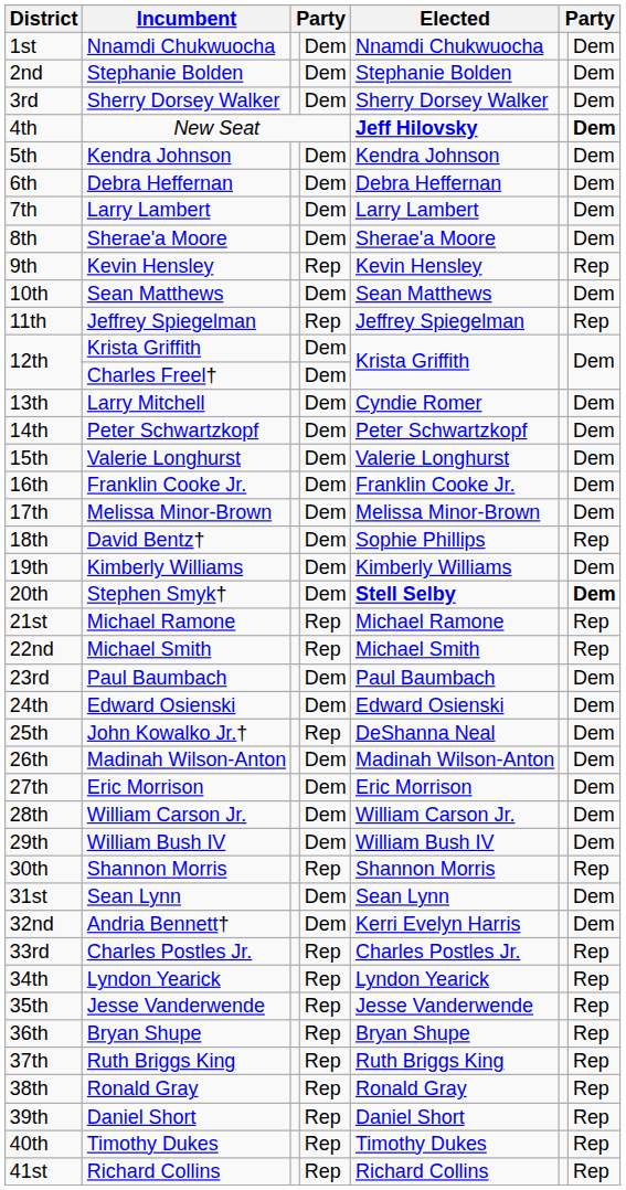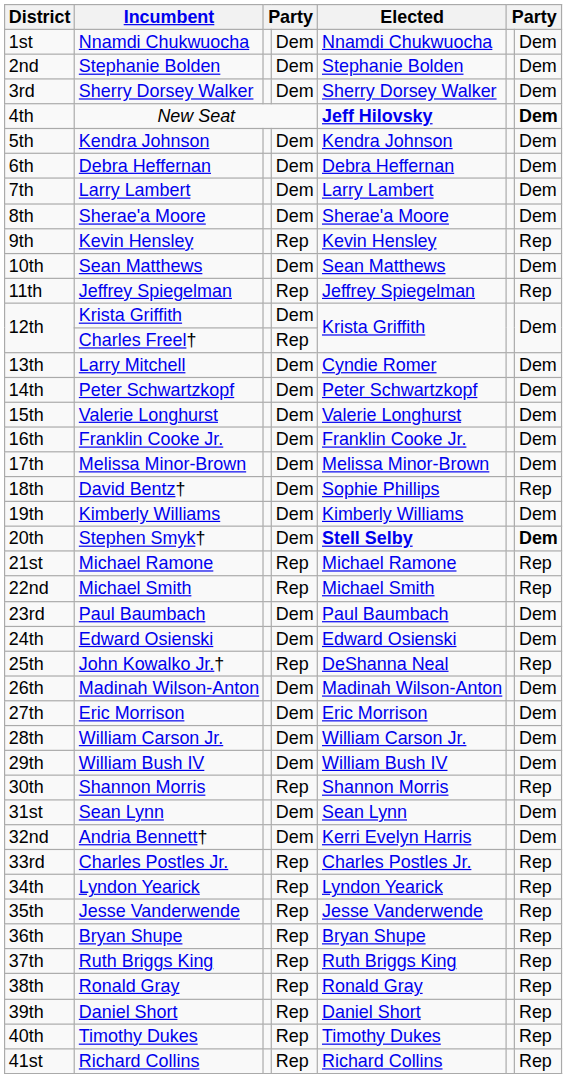 <table class="sortable wikitable" style="font-size:95%;line-height:14px;">
 <tr>
 <th class=>District</th>
 <th class="unsortable"><a href='#'>Incumbent</a></th>
 <th colspan="2">Party</th>
 <th class="unsortable">Elected</th>
 <th colspan="2">Party</th>
 </tr>
 <tr>
 <td>1st</td>
 <td><a href='#'>Nnamdi Chukwuocha</a></td>
 <td style="background:"></td>
 <td>Dem</td>
 <td><a href='#'>Nnamdi Chukwuocha</a></td>
 <td style="background:"></td>
 <td>Dem</td>
 </tr>
 <tr>
 <td>2nd</td>
 <td><a href='#'>Stephanie Bolden</a></td>
 <td style="background:"></td>
 <td>Dem</td>
 <td><a href='#'>Stephanie Bolden</a></td>
 <td style="background:"></td>
 <td>Dem</td>
 </tr>
 <tr>
 <td>3rd</td>
 <td><a href='#'>Sherry Dorsey Walker</a></td>
 <td style="background:"></td>
 <td>Dem</td>
 <td><a href='#'>Sherry Dorsey Walker</a></td>
 <td style="background:"></td>
 <td>Dem</td>
 </tr>
 <tr>
 <td>4th</td>
 <td colspan=3 align=center><em>New Seat</em></td>
 <td><strong><a href='#'>Jeff Hilovsky</a></strong></td>
 <td style="background:"></td>
 <td><strong>Dem</strong></td>
 </tr>
 <tr>
 <td>5th</td>
 <td><a href='#'>Kendra Johnson</a></td>
 <td style="background:"></td>
 <td>Dem</td>
 <td><a href='#'>Kendra Johnson</a></td>
 <td style="background:"></td>
 <td>Dem</td>
 </tr>
 <tr>
 <td>6th</td>
 <td><a href='#'>Debra Heffernan</a></td>
 <td style="background:"></td>
 <td>Dem</td>
 <td><a href='#'>Debra Heffernan</a></td>
 <td style="background:"></td>
 <td>Dem</td>
 </tr>
 <tr>
 <td>7th</td>
 <td><a href='#'>Larry Lambert</a></td>
 <td style="background:"></td>
 <td>Dem</td>
 <td><a href='#'>Larry Lambert</a></td>
 <td style="background:"></td>
 <td>Dem</td>
 </tr>
 <tr>
 <td>8th</td>
 <td><a href='#'>Sherae'a Moore</a></td>
 <td style="background:"></td>
 <td>Dem</td>
 <td><a href='#'>Sherae'a Moore</a></td>
 <td style="background:"></td>
 <td>Dem</td>
 </tr>
 <tr>
 <td>9th</td>
 <td><a href='#'>Kevin Hensley</a></td>
 <td style="background:"></td>
 <td>Rep</td>
 <td><a href='#'>Kevin Hensley</a></td>
 <td style="background:"></td>
 <td>Rep</td>
 </tr>
 <tr>
 <td>10th</td>
 <td><a href='#'>Sean Matthews</a></td>
 <td style="background:"></td>
 <td>Dem</td>
 <td><a href='#'>Sean Matthews</a></td>
 <td style="background:"></td>
 <td>Dem</td>
 </tr>
 <tr>
 <td>11th</td>
 <td><a href='#'>Jeffrey Spiegelman</a></td>
 <td style="background:"></td>
 <td>Rep</td>
 <td><a href='#'>Jeffrey Spiegelman</a></td>
 <td style="background:"></td>
 <td>Rep</td>
 </tr>
 <tr>
 <td rowspan=2>12th</td>
 <td><a href='#'>Krista Griffith</a></td>
 <td style="background:"></td>
 <td>Dem</td>
 <td rowspan=2><a href='#'>Krista Griffith</a></td>
 <td rowspan=2 style="background:"></td>
 <td rowspan=2>Dem</td>
 </tr>
 <tr>
 <td><a href='#'>Charles Freel</a>†</td>
 <td style="background:"></td>
-<td>Dem</td>
+<td>Rep</td>
 </tr>
 <tr>
 <td>13th</td>
 <td><a href='#'>Larry Mitchell</a></td>
 <td style="background:"></td>
 <td>Dem</td>
 <td><a href='#'>Cyndie Romer</a></td>
 <td style="background:"></td>
 <td>Dem</td>
 </tr>
 <tr>
 <td>14th</td>
 <td><a href='#'>Peter Schwartzkopf</a></td>
 <td style="background:"></td>
 <td>Dem</td>
 <td><a href='#'>Peter Schwartzkopf</a></td>
 <td style="background:"></td>
 <td>Dem</td>
 </tr>
 <tr>
 <td>15th</td>
 <td><a href='#'>Valerie Longhurst</a></td>
 <td style="background:"></td>
 <td>Dem</td>
 <td><a href='#'>Valerie Longhurst</a></td>
 <td style="background:"></td>
 <td>Dem</td>
 </tr>
 <tr>
 <td>16th</td>
 <td><a href='#'>Franklin Cooke Jr.</a></td>
 <td style="background:"></td>
 <td>Dem</td>
 <td><a href='#'>Franklin Cooke Jr.</a></td>
 <td style="background:"></td>
 <td>Dem</td>
 </tr>
 <tr>
 <td>17th</td>
 <td><a href='#'>Melissa Minor-Brown</a></td>
 <td style="background:"></td>
 <td>Dem</td>
 <td><a href='#'>Melissa Minor-Brown</a></td>
 <td style="background:"></td>
 <td>Dem</td>
 </tr>
 <tr>
 <td>18th</td>
 <td><a href='#'>David Bentz</a>†</td>
 <td style="background:"></td>
 <td>Dem</td>
 <td><a href='#'>Sophie Phillips</a></td>
 <td style="background:"></td>
 <td>Rep</td>
 </tr>
 <tr>
 <td>19th</td>
 <td><a href='#'>Kimberly Williams</a></td>
 <td style="background:"></td>
 <td>Dem</td>
 <td><a href='#'>Kimberly Williams</a></td>
 <td style="background:"></td>
 <td>Dem</td>
 </tr>
 <tr>
 <td>20th</td>
 <td><a href='#'>Stephen Smyk</a>†</td>
 <td style="background:"></td>
 <td>Dem</td>
 <td><strong><a href='#'>Stell Selby</a></strong></td>
 <td style="background:"></td>
 <td><strong>Dem</strong></td>
 </tr>
 <tr>
 <td>21st</td>
 <td><a href='#'>Michael Ramone</a></td>
 <td style="background:"></td>
 <td>Rep</td>
 <td><a href='#'>Michael Ramone</a></td>
 <td style="background:"></td>
 <td>Rep</td>
 </tr>
 <tr>
 <td>22nd</td>
 <td><a href='#'>Michael Smith</a></td>
 <td style="background:"></td>
 <td>Rep</td>
 <td><a href='#'>Michael Smith</a></td>
 <td style="background:"></td>
 <td>Rep</td>
 </tr>
 <tr>
 <td>23rd</td>
 <td><a href='#'>Paul Baumbach</a></td>
 <td style="background:"></td>
 <td>Dem</td>
 <td><a href='#'>Paul Baumbach</a></td>
 <td style="background:"></td>
 <td>Dem</td>
 </tr>
 <tr>
 <td>24th</td>
 <td><a href='#'>Edward Osienski</a></td>
 <td style="background:"></td>
 <td>Dem</td>
 <td><a href='#'>Edward Osienski</a></td>
 <td style="background:"></td>
 <td>Dem</td>
 </tr>
 <tr>
 <td>25th</td>
 <td><a href='#'>John Kowalko Jr.</a>†</td>
 <td style="background:"></td>
 <td>Rep</td>
 <td><a href='#'>DeShanna Neal</a></td>
 <td style="background:"></td>
-<td>Dem</td>
+<td>Rep</td>
 </tr>
 <tr>
 <td>26th</td>
 <td><a href='#'>Madinah Wilson-Anton</a></td>
 <td style="background:"></td>
 <td>Dem</td>
 <td><a href='#'>Madinah Wilson-Anton</a></td>
 <td style="background:"></td>
 <td>Dem</td>
 </tr>
 <tr>
 <td>27th</td>
 <td><a href='#'>Eric Morrison</a></td>
 <td style="background:"></td>
 <td>Dem</td>
 <td><a href='#'>Eric Morrison</a></td>
 <td style="background:"></td>
 <td>Dem</td>
 </tr>
 <tr>
 <td>28th</td>
 <td><a href='#'>William Carson Jr.</a></td>
 <td style="background:"></td>
 <td>Dem</td>
 <td><a href='#'>William Carson Jr.</a></td>
 <td style="background:"></td>
 <td>Dem</td>
 </tr>
 <tr>
 <td>29th</td>
 <td><a href='#'>William Bush IV</a></td>
 <td style="background:"></td>
 <td>Dem</td>
 <td><a href='#'>William Bush IV</a></td>
 <td style="background:"></td>
 <td>Dem</td>
 </tr>
 <tr>
 <td>30th</td>
 <td><a href='#'>Shannon Morris</a></td>
 <td style="background:"></td>
 <td>Rep</td>
 <td><a href='#'>Shannon Morris</a></td>
 <td style="background:"></td>
 <td>Rep</td>
 </tr>
 <tr>
 <td>31st</td>
 <td><a href='#'>Sean Lynn</a></td>
 <td style="background:"></td>
 <td>Dem</td>
 <td><a href='#'>Sean Lynn</a></td>
 <td style="background:"></td>
 <td>Dem</td>
 </tr>
 <tr>
 <td>32nd</td>
 <td><a href='#'>Andria Bennett</a>†</td>
 <td style="background:"></td>
 <td>Dem</td>
 <td><a href='#'>Kerri Evelyn Harris</a></td>
 <td style="background:"></td>
 <td>Dem</td>
 </tr>
 <tr>
 <td>33rd</td>
 <td><a href='#'>Charles Postles Jr.</a></td>
 <td style="background:"></td>
 <td>Rep</td>
 <td><a href='#'>Charles Postles Jr.</a></td>
 <td style="background:"></td>
 <td>Rep</td>
 </tr>
 <tr>
 <td>34th</td>
 <td><a href='#'>Lyndon Yearick</a></td>
 <td style="background:"></td>
 <td>Rep</td>
 <td><a href='#'>Lyndon Yearick</a></td>
 <td style="background:"></td>
 <td>Rep</td>
 </tr>
 <tr>
 <td>35th</td>
 <td><a href='#'>Jesse Vanderwende</a></td>
 <td style="background:"></td>
 <td>Rep</td>
 <td><a href='#'>Jesse Vanderwende</a></td>
 <td style="background:"></td>
 <td>Rep</td>
 </tr>
 <tr>
 <td>36th</td>
 <td><a href='#'>Bryan Shupe</a></td>
 <td style="background:"></td>
 <td>Rep</td>
 <td><a href='#'>Bryan Shupe</a></td>
 <td style="background:"></td>
 <td>Rep</td>
 </tr>
 <tr>
 <td>37th</td>
 <td><a href='#'>Ruth Briggs King</a></td>
 <td style="background:"></td>
 <td>Rep</td>
 <td><a href='#'>Ruth Briggs King</a></td>
 <td style="background:"></td>
 <td>Rep</td>
 </tr>
 <tr>
 <td>38th</td>
 <td><a href='#'>Ronald Gray</a></td>
 <td style="background:"></td>
 <td>Rep</td>
 <td><a href='#'>Ronald Gray</a></td>
 <td style="background:"></td>
 <td>Rep</td>
 </tr>
 <tr>
 <td>39th</td>
 <td><a href='#'>Daniel Short</a></td>
 <td style="background:"></td>
 <td>Rep</td>
 <td><a href='#'>Daniel Short</a></td>
 <td style="background:"></td>
 <td>Rep</td>
 </tr>
 <tr>
 <td>40th</td>
 <td><a href='#'>Timothy Dukes</a></td>
 <td style="background:"></td>
 <td>Rep</td>
 <td><a href='#'>Timothy Dukes</a></td>
 <td style="background:"></td>
 <td>Rep</td>
 </tr>
 <tr>
 <td>41st</td>
 <td><a href='#'>Richard Collins</a></td>
 <td style="background:"></td>
 <td>Rep</td>
 <td><a href='#'>Richard Collins</a></td>
 <td style="background:"></td>
 <td>Rep</td>
 </tr>
 <tr>
 </tr>
 </table>
